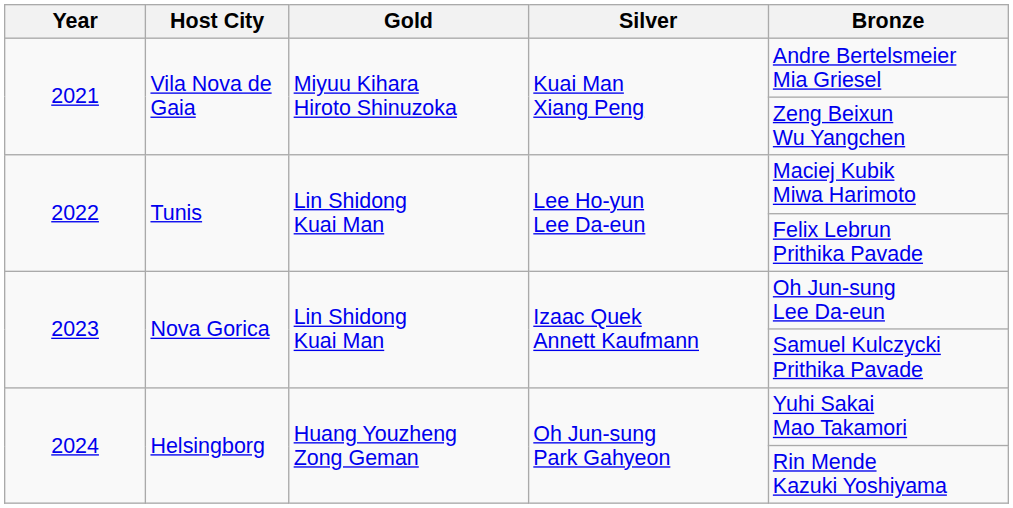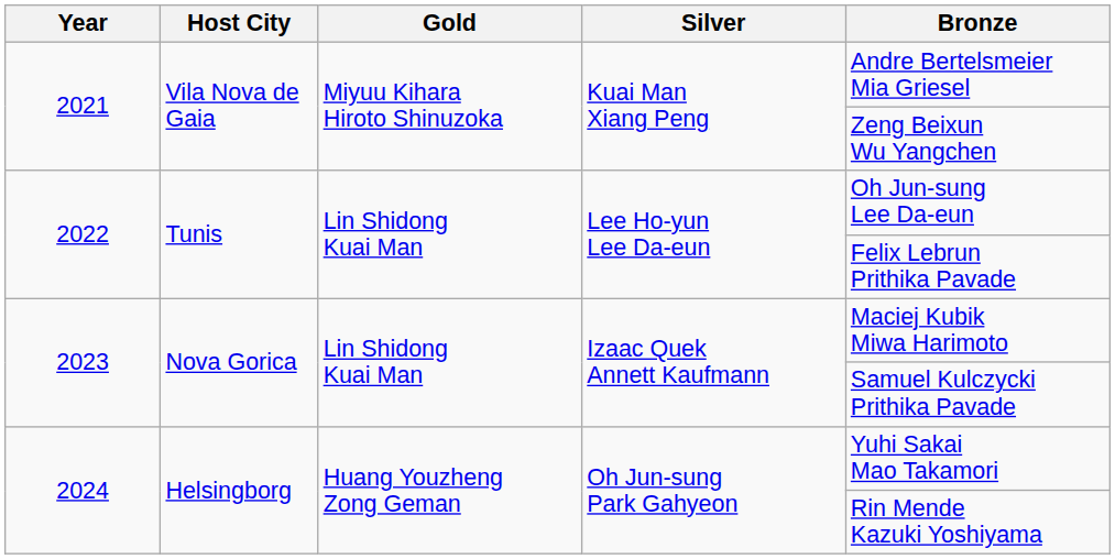 <table class="wikitable" style="text-align: left; width: 750px;">
 <tr>
 <th width="100">Year</th>
 <th width="100">Host City</th>
 <th width="175">Gold</th>
 <th width="175">Silver</th>
 <th width="175">Bronze</th>
 </tr>
 <tr>
 <td rowspan="2" style="text-align: center;"><a href='#'>2021</a></td>
 <td rowspan="2"><a href='#'>Vila Nova de Gaia</a></td>
 <td rowspan="2"> <a href='#'>Miyuu Kihara</a><br> <a href='#'>Hiroto Shinuzoka</a></td>
 <td rowspan="2"> <a href='#'>Kuai Man</a><br> <a href='#'>Xiang Peng</a></td>
 <td> <a href='#'>Andre Bertelsmeier</a><br> <a href='#'>Mia Griesel</a></td>
 </tr>
 <tr>
 <td> <a href='#'>Zeng Beixun</a><br> <a href='#'>Wu Yangchen</a></td>
 </tr>
 <tr>
 <td rowspan="2" style="text-align: center;"><a href='#'>2022</a></td>
 <td rowspan="2"><a href='#'>Tunis</a></td>
 <td rowspan="2"> <a href='#'>Lin Shidong</a><br> <a href='#'>Kuai Man</a></td>
 <td rowspan="2"> <a href='#'>Lee Ho-yun</a><br> <a href='#'>Lee Da-eun</a></td>
-<td> <a href='#'>Maciej Kubik</a><br> <a href='#'>Miwa Harimoto</a></td>
+<td> <a href='#'>Oh Jun-sung</a><br> <a href='#'>Lee Da-eun</a></td>
 </tr>
 <tr>
 <td> <a href='#'>Felix Lebrun</a><br> <a href='#'>Prithika Pavade</a></td>
 </tr>
 <tr>
 <td rowspan="2" style="text-align: center;"><a href='#'>2023</a></td>
 <td rowspan="2"><a href='#'>Nova Gorica</a></td>
 <td rowspan=2> <a href='#'>Lin Shidong</a><br> <a href='#'>Kuai Man</a></td>
 <td rowspan=2> <a href='#'>Izaac Quek</a><br> <a href='#'>Annett Kaufmann</a></td>
-<td> <a href='#'>Oh Jun-sung</a><br> <a href='#'>Lee Da-eun</a></td>
+<td> <a href='#'>Maciej Kubik</a><br> <a href='#'>Miwa Harimoto</a></td>
 </tr>
 <tr>
 <td> <a href='#'>Samuel Kulczycki</a><br> <a href='#'>Prithika Pavade</a></td>
 </tr>
 <tr>
 <td rowspan=2 style="text-align: center;"><a href='#'>2024</a></td>
 <td rowspan=2><a href='#'>Helsingborg</a></td>
 <td rowspan=2> <a href='#'>Huang Youzheng</a><br> <a href='#'>Zong Geman</a></td>
 <td rowspan=2> <a href='#'>Oh Jun-sung</a><br> <a href='#'>Park Gahyeon</a></td>
 <td> <a href='#'>Yuhi Sakai</a><br> <a href='#'>Mao Takamori</a></td>
 </tr>
 <tr>
 <td> <a href='#'>Rin Mende</a><br> <a href='#'>Kazuki Yoshiyama</a></td>
 </tr>
 </table>
